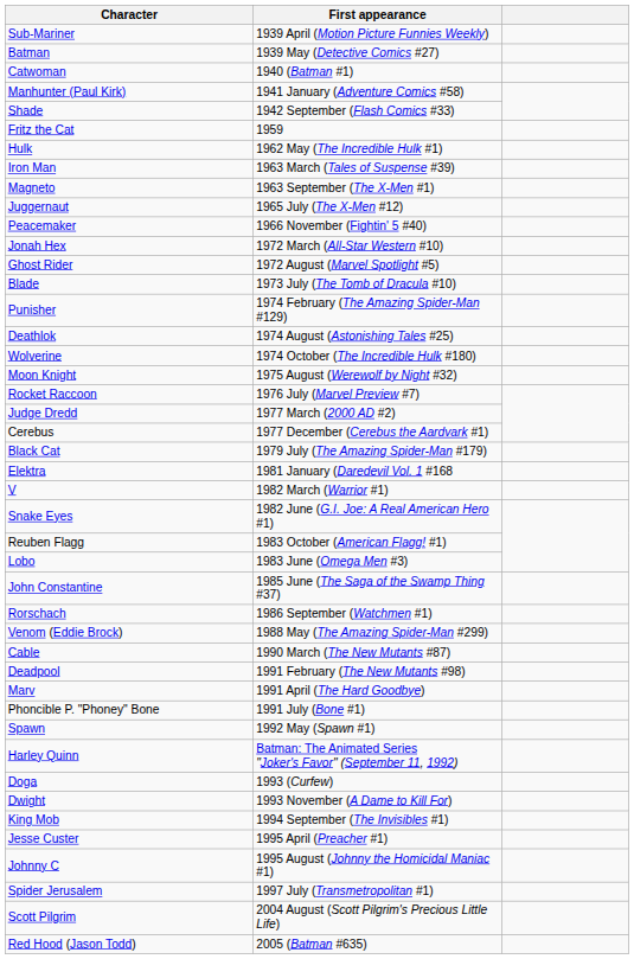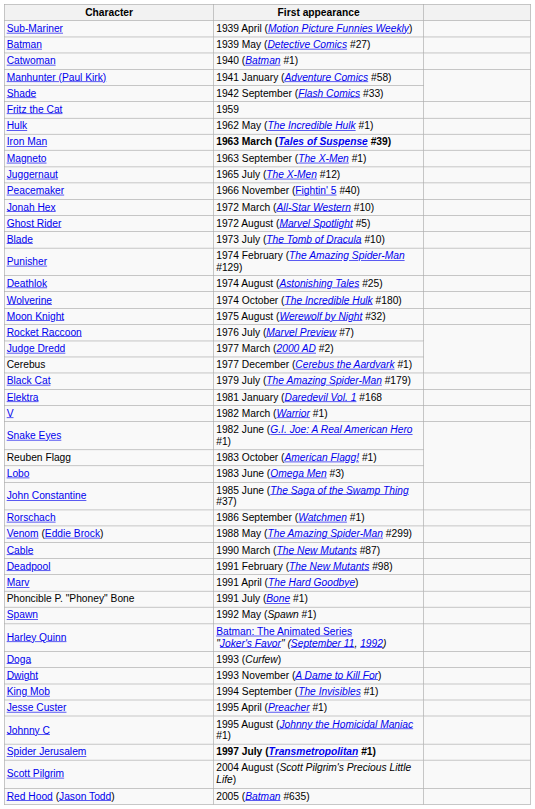 <table class="wikitable sortable">
 <tr>
 <th style="width:20em;">Character</th>
 <th style="width:20em;">First appearance</th>
 <th style="width:10em;"></th>
 </tr>
 <tr style="text-align:left;">
 <td><a href='#'>Sub-Mariner</a></td>
 <td>1939 April (<em><a href='#'>Motion Picture Funnies Weekly</a></em>)</td>
 <td></td>
 </tr>
 <tr style="text-align:left;">
 <td><a href='#'>Batman</a></td>
 <td>1939 May (<em><a href='#'>Detective Comics</a></em> #27)</td>
 <td></td>
 </tr>
 <tr style="text-align:left;">
 <td><a href='#'>Catwoman</a></td>
 <td>1940 (<em><a href='#'>Batman</a></em> #1)</td>
 <td></td>
 </tr>
 <tr style="text-align:left;">
 <td><a href='#'>Manhunter (Paul Kirk)</a></td>
 <td>1941 January (<em><a href='#'>Adventure Comics</a></em> #58)</td>
 <td rowspan="2"></td>
 </tr>
 <tr style="text-align:left;">
 <td><a href='#'>Shade</a></td>
 <td>1942 September (<em><a href='#'>Flash Comics</a></em> #33)</td>
 </tr>
 <tr style="text-align:left;">
 <td><a href='#'>Fritz the Cat</a></td>
 <td>1959</td>
 <td></td>
 </tr>
 <tr style="text-align:left;">
 <td><a href='#'>Hulk</a></td>
 <td>1962 May (<em><a href='#'>The Incredible Hulk</a></em> #1)</td>
 <td></td>
 </tr>
 <tr style="text-align:left;">
 <td><a href='#'>Iron Man</a></td>
-<td>1963 March (<em><a href='#'>Tales of Suspense</a></em> #39)</td>
+<td><strong>1963 March (<em><a href='#'>Tales of Suspense</a></em> #39)</strong></td>
 <td></td>
 </tr>
 <tr style="text-align:left;">
 <td><a href='#'>Magneto</a></td>
 <td>1963 September (<em><a href='#'>The X-Men</a></em> #1)</td>
 <td></td>
 </tr>
 <tr style="text-align:left;">
 <td><a href='#'>Juggernaut</a></td>
 <td>1965 July (<em><a href='#'>The X-Men</a></em> #12)</td>
 <td></td>
 </tr>
 <tr style="text-align:left;">
 <td><a href='#'>Peacemaker</a></td>
 <td>1966 November (<a href='#'>Fightin' 5</a> #40)</td>
 <td></td>
 </tr>
 <tr style="text-align:left;">
 <td><a href='#'>Jonah Hex</a></td>
 <td>1972 March (<em><a href='#'>All-Star Western</a></em> #10)</td>
 <td></td>
 </tr>
 <tr style="text-align:left;">
 <td><a href='#'>Ghost Rider</a></td>
 <td>1972 August (<em><a href='#'>Marvel Spotlight</a></em> #5)</td>
 <td></td>
 </tr>
 <tr style="text-align:left;">
 <td><a href='#'>Blade</a></td>
 <td>1973 July (<em><a href='#'>The Tomb of Dracula</a></em> #10)</td>
 <td></td>
 </tr>
 <tr style="text-align:left;">
 <td><a href='#'>Punisher</a></td>
 <td>1974 February (<em><a href='#'>The Amazing Spider-Man</a></em> #129)</td>
 <td></td>
 </tr>
 <tr style="text-align:left;">
 <td><a href='#'>Deathlok</a></td>
 <td>1974 August (<em><a href='#'>Astonishing Tales</a></em> #25)</td>
 <td></td>
 </tr>
 <tr style="text-align:left;">
 <td><a href='#'>Wolverine</a></td>
 <td>1974 October (<em><a href='#'>The Incredible Hulk</a></em> #180)</td>
 <td></td>
 </tr>
 <tr style="text-align:left;">
 <td><a href='#'>Moon Knight</a></td>
 <td>1975 August (<em><a href='#'>Werewolf by Night</a></em> #32)</td>
 <td></td>
 </tr>
 <tr style="text-align:left;">
 <td><a href='#'>Rocket Raccoon</a></td>
 <td>1976 July (<em><a href='#'>Marvel Preview</a></em> #7)</td>
 <td rowspan="3"></td>
 </tr>
 <tr style="text-align:left;">
 <td><a href='#'>Judge Dredd</a></td>
 <td>1977 March (<em><a href='#'>2000 AD</a></em> #2)</td>
 </tr>
 <tr style="text-align:left;">
 <td>Cerebus</td>
 <td>1977 December (<em><a href='#'>Cerebus the Aardvark</a></em> #1)</td>
 </tr>
 <tr>
 <td><a href='#'>Black Cat</a></td>
 <td>1979 July (<em><a href='#'>The Amazing Spider-Man</a></em> #179)</td>
 <td></td>
 </tr>
 <tr style="text-align:left;">
 <td><a href='#'>Elektra</a></td>
 <td>1981 January (<em><a href='#'>Daredevil Vol. 1</a></em> #168</td>
 <td></td>
 </tr>
 <tr style="text-align:left;">
 <td><a href='#'>V</a></td>
 <td>1982 March (<em><a href='#'>Warrior</a></em> #1)</td>
 <td></td>
 </tr>
 <tr style="text-align:left;">
 <td><a href='#'>Snake Eyes</a></td>
 <td>1982 June (<em><a href='#'>G.I. Joe: A Real American Hero</a></em> #1)</td>
 <td rowspan="3"></td>
 </tr>
 <tr style="text-align:left;">
 <td>Reuben Flagg</td>
 <td>1983 October (<em><a href='#'>American Flagg!</a></em> #1)</td>
 </tr>
 <tr style="text-align:left;">
 <td><a href='#'>Lobo</a></td>
 <td>1983 June (<em><a href='#'>Omega Men</a></em> #3)</td>
 </tr>
 <tr style="text-align:left;">
 <td><a href='#'>John Constantine</a></td>
 <td>1985 June (<em><a href='#'>The Saga of the Swamp Thing</a></em> #37)</td>
 <td></td>
 </tr>
 <tr style="text-align:left;">
 <td><a href='#'>Rorschach</a></td>
 <td>1986 September (<em><a href='#'>Watchmen</a></em> #1)</td>
 <td></td>
 </tr>
 <tr style="text-align:left;">
 <td><a href='#'>Venom</a> (<a href='#'>Eddie Brock</a>)</td>
 <td>1988 May (<em><a href='#'>The Amazing Spider-Man</a></em> #299)</td>
 <td></td>
 </tr>
 <tr style="text-align:left;">
 <td><a href='#'>Cable</a></td>
 <td>1990 March (<em><a href='#'>The New Mutants</a></em> #87)</td>
 <td></td>
 </tr>
 <tr style="text-align:left;">
 <td><a href='#'>Deadpool</a></td>
 <td>1991 February (<em><a href='#'>The New Mutants</a></em> #98)</td>
 <td></td>
 </tr>
 <tr style="text-align:left;">
 <td><a href='#'>Marv</a></td>
 <td>1991 April (<em><a href='#'>The Hard Goodbye</a></em>)</td>
 <td></td>
 </tr>
 <tr style="text-align:left;">
 <td>Phoncible P. "Phoney" Bone</td>
 <td>1991 July (<em><a href='#'>Bone</a></em> #1)</td>
 <td></td>
 </tr>
 <tr style="text-align:left;">
 <td><a href='#'>Spawn</a></td>
 <td>1992 May (<em>Spawn</em> #1)</td>
 <td></td>
 </tr>
 <tr style="text-align:left;">
 <td><a href='#'>Harley Quinn</a></td>
 <td><a href='#'>Batman: The Animated Series</a><br><em>"<a href='#'>Joker's Favor</a>" (<a href='#'>September 11</a>, <a href='#'>1992</a>)</em></td>
 <td></td>
 </tr>
 <tr style="text-align:left;">
 <td><a href='#'>Doga</a></td>
 <td>1993 (<em>Curfew</em>)</td>
 <td></td>
 </tr>
 <tr style="text-align:left;">
 <td><a href='#'>Dwight</a></td>
 <td>1993 November (<em><a href='#'>A Dame to Kill For</a></em>)</td>
 <td></td>
 </tr>
 <tr style="text-align:left;">
 <td><a href='#'>King Mob</a></td>
 <td>1994 September (<em><a href='#'>The Invisibles</a></em> #1)</td>
 <td></td>
 </tr>
 <tr style="text-align:left;">
 <td><a href='#'>Jesse Custer</a></td>
 <td>1995 April (<em><a href='#'>Preacher</a></em> #1)</td>
 <td></td>
 </tr>
 <tr style="text-align:left;">
 <td><a href='#'>Johnny C</a></td>
 <td>1995 August (<em><a href='#'>Johnny the Homicidal Maniac</a></em> #1)</td>
 <td></td>
 </tr>
 <tr style="text-align:left;">
 <td><a href='#'>Spider Jerusalem</a></td>
-<td>1997 July (<em><a href='#'>Transmetropolitan</a></em> #1)</td>
+<td><strong>1997 July (<em><a href='#'>Transmetropolitan</a></em> #1)</strong></td>
 <td></td>
 </tr>
 <tr style="text-align: left;">
 <td><a href='#'>Scott Pilgrim</a></td>
 <td>2004 August (<em>Scott Pilgrim's Precious Little Life</em>)</td>
 <td></td>
 </tr>
 <tr style="text-align:left;">
 <td><a href='#'>Red Hood</a> (<a href='#'>Jason Todd</a>)</td>
 <td>2005 (<em><a href='#'>Batman</a></em> #635)</td>
 <td></td>
 </tr>
 </table>
